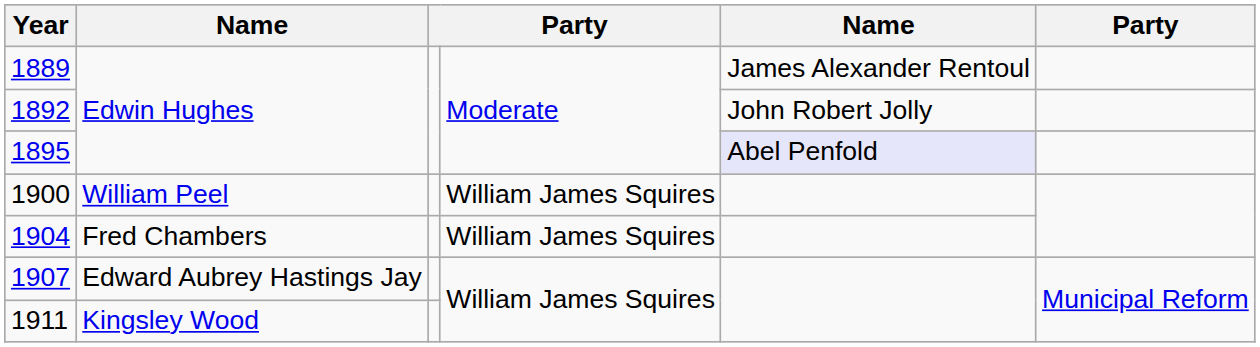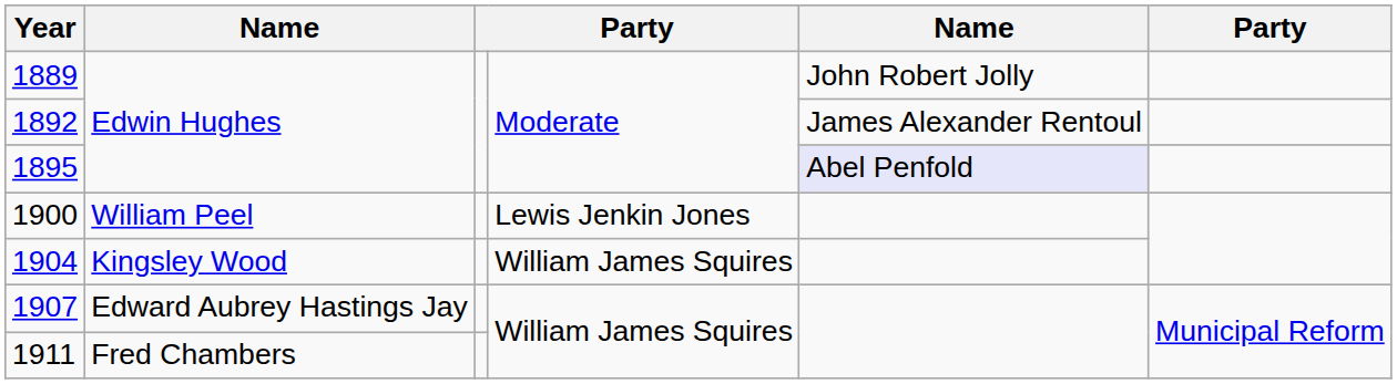 <table class="wikitable">
 <tr>
 <th>Year</th>
 <th>Name</th>
 <th colspan=2>Party</th>
 <th>Name</th>
 <th colspan=2>Party</th>
 </tr>
 <tr>
 <td><a href='#'>1889</a></td>
 <td rowspan=3><a href='#'>Edwin Hughes</a></td>
 <td rowspan=3 style="background-color: "></td>
 <td rowspan=3><a href='#'>Moderate</a></td>
-<td>James Alexander Rentoul</td>
+<td>John Robert Jolly</td>
 <td></td>
 </tr>
 <tr>
 <td><a href='#'>1892</a></td>
-<td>John Robert Jolly</td>
+<td>James Alexander Rentoul</td>
 <td></td>
 </tr>
 <tr>
 <td><a href='#'>1895</a></td>
 <td style="background: lavender;">Abel Penfold</td>
 <td></td>
 </tr>
 <tr>
 <td>1900</td>
 <td><a href='#'>William Peel</a></td>
 <td></td>
-<td>William James Squires</td>
+<td>Lewis Jenkin Jones</td>
 <td></td>
 </tr>
 <tr>
 <td><a href='#'>1904</a></td>
-<td>Fred Chambers</td>
+<td><a href='#'>Kingsley Wood</a></td>
 <td></td>
 <td>William James Squires</td>
 <td></td>
 </tr>
 <tr>
 <td><a href='#'>1907</a></td>
 <td>Edward Aubrey Hastings Jay</td>
 <td></td>
 <td rowspan=2>William James Squires</td>
 <td rowspan=2 style="background-color: "></td>
 <td rowspan=2><a href='#'>Municipal Reform</a></td>
 </tr>
 <tr>
 <td>1911</td>
-<td><a href='#'>Kingsley Wood</a></td>
+<td>Fred Chambers</td>
 <td></td>
 </tr>
 </table>
